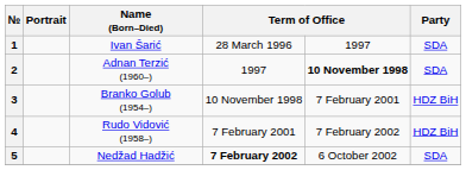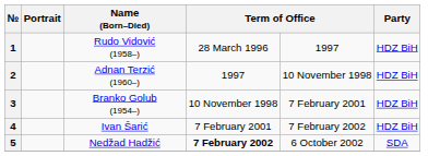 <table class="wikitable" style="text-align:center">
 <tr ->
 <th>№</th>
 <th>Portrait</th>
 <th width=180>Name<br><small>(Born–Died)</small></th>
 <th colspan=2>Term of Office</th>
 <th>Party</th>
 </tr>
 <tr ->
 <th style="background:">1</th>
 <td></td>
-<td><a href='#'>Ivan Šarić</a></td>
+<td><a href='#'>Rudo Vidović</a><br><small>(1958–)</small></td>
 <td>28 March 1996</td>
 <td>1997</td>
-<td><a href='#'>SDA</a></td>
+<td><a href='#'>HDZ BiH</a></td>
 </tr>
 <tr ->
 <th style="background:">2</th>
 <td></td>
 <td><a href='#'>Adnan Terzić</a><br><small>(1960–)</small></td>
 <td>1997</td>
-<td><strong>10 November 1998</strong></td>
-<td><a href='#'>SDA</a></td>
+<td>10 November 1998</td>
+<td><a href='#'>HDZ BiH</a></td>
 </tr>
 <tr ->
 <th style="background:">3</th>
 <td></td>
 <td><a href='#'>Branko Golub</a><br><small>(1954–)</small></td>
 <td>10 November 1998</td>
 <td>7 February 2001</td>
 <td><a href='#'>HDZ BiH</a></td>
 </tr>
 <tr ->
 <th style="background:">4</th>
 <td></td>
-<td><a href='#'>Rudo Vidović</a><br><small>(1958–)</small></td>
+<td><a href='#'>Ivan Šarić</a></td>
 <td>7 February 2001</td>
 <td>7 February 2002</td>
 <td><a href='#'>HDZ BiH</a></td>
 </tr>
 <tr ->
 <th style="background:">5</th>
 <td></td>
 <td><a href='#'>Nedžad Hadžić</a></td>
 <td><strong>7 February 2002</strong></td>
 <td>6 October 2002</td>
 <td><a href='#'>SDA</a></td>
 </tr>
 <tr ->
 </tr>
 </table>
